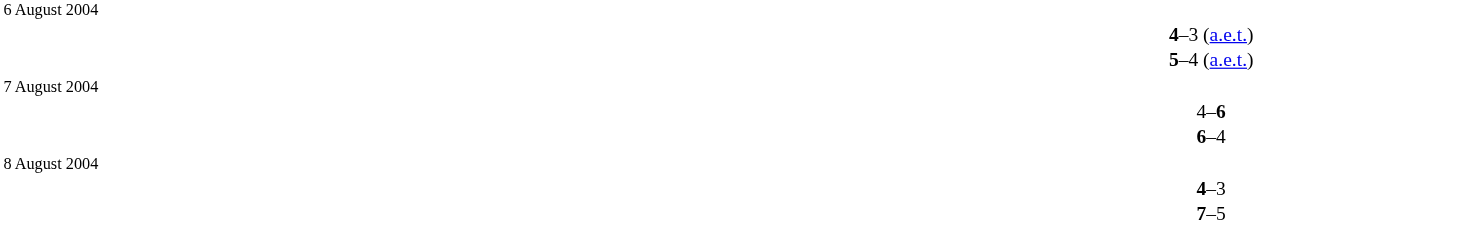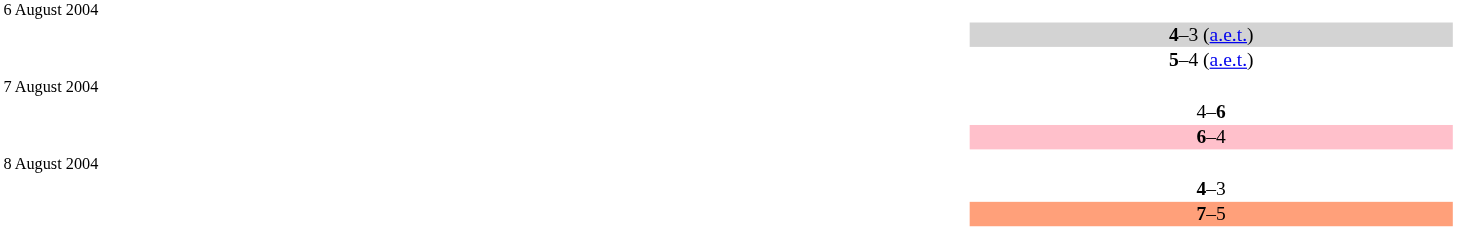 <table width=100% cellspacing=1>
 <tr>
 <th width=40%></th>
 <th width=20%></th>
 <th></th>
 </tr>
 <tr>
 <td><small>6 August 2004</small></td>
 </tr>
 <tr>
 <td align=right><strong></strong></td>
-<td align=center><strong>4</strong>–3 (<a href='#'>a.e.t.</a>)</td>
+<td align=center style="background: lightgrey;"><strong>4</strong>–3 (<a href='#'>a.e.t.</a>)</td>
 <td></td>
 </tr>
 <tr>
 <td align=right><strong></strong></td>
 <td align=center><strong>5</strong>–4 (<a href='#'>a.e.t.</a>)</td>
 <td></td>
 </tr>
 <tr>
 <td><small>7 August 2004</small></td>
 </tr>
 <tr>
 <td align=right></td>
 <td align=center>4–<strong>6</strong></td>
 <td><strong></strong></td>
 </tr>
 <tr>
 <td align=right><strong></strong></td>
-<td align=center><strong>6</strong>–4</td>
+<td align=center style="background: pink;"><strong>6</strong>–4</td>
 <td></td>
 </tr>
 <tr>
 <td><small>8 August 2004</small></td>
 </tr>
 <tr>
 <td align=right><strong></strong></td>
 <td align=center><strong>4</strong>–3</td>
 <td></td>
 </tr>
 <tr>
 <td align=right><strong></strong></td>
-<td align=center><strong>7</strong>–5</td>
+<td align=center style="background: lightsalmon;"><strong>7</strong>–5</td>
 <td></td>
 </tr>
 </table>
